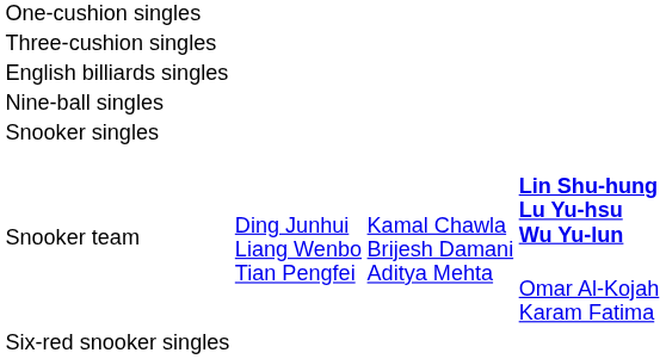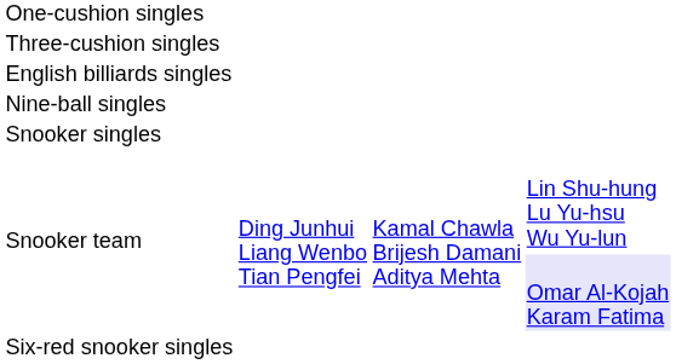 <table>
 <tr>
 <td rowspan=2>One-cushion singles</td>
 <td rowspan=2></td>
 <td rowspan=2></td>
 <td></td>
 </tr>
 <tr>
 <td></td>
 </tr>
 <tr>
 <td rowspan=2>Three-cushion singles</td>
 <td rowspan=2></td>
 <td rowspan=2></td>
 <td></td>
 </tr>
 <tr>
 <td></td>
 </tr>
 <tr>
 <td rowspan=2>English billiards singles</td>
 <td rowspan=2></td>
 <td rowspan=2></td>
 <td></td>
 </tr>
 <tr>
 <td></td>
 </tr>
 <tr>
 <td rowspan=2>Nine-ball singles</td>
 <td rowspan=2></td>
 <td rowspan=2></td>
 <td></td>
 </tr>
 <tr>
 <td></td>
 </tr>
 <tr>
 <td rowspan=2>Snooker singles</td>
 <td rowspan=2></td>
 <td rowspan=2></td>
 <td></td>
 </tr>
 <tr>
 <td></td>
 </tr>
 <tr>
 <td rowspan=2>Snooker team</td>
 <td rowspan=2><br><a href='#'>Ding Junhui</a><br><a href='#'>Liang Wenbo</a><br><a href='#'>Tian Pengfei</a></td>
 <td rowspan=2><br><a href='#'>Kamal Chawla</a><br><a href='#'>Brijesh Damani</a><br><a href='#'>Aditya Mehta</a></td>
-<td><strong><br><a href='#'>Lin Shu-hung</a><br><a href='#'>Lu Yu-hsu</a><br><a href='#'>Wu Yu-lun</a></strong></td>
+<td><br><a href='#'>Lin Shu-hung</a><br><a href='#'>Lu Yu-hsu</a><br><a href='#'>Wu Yu-lun</a></td>
 </tr>
 <tr>
-<td><br><a href='#'>Omar Al-Kojah</a><br><a href='#'>Karam Fatima</a></td>
+<td style="background: lavender;"><br><a href='#'>Omar Al-Kojah</a><br><a href='#'>Karam Fatima</a></td>
 </tr>
 <tr>
 <td rowspan=2>Six-red snooker singles</td>
 <td rowspan=2></td>
 <td rowspan=2></td>
 <td></td>
 </tr>
 <tr>
 <td></td>
 </tr>
 </table>
